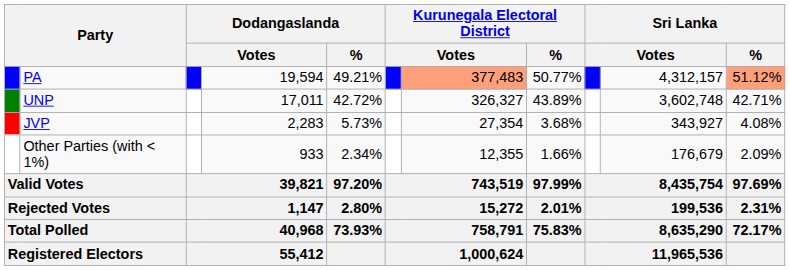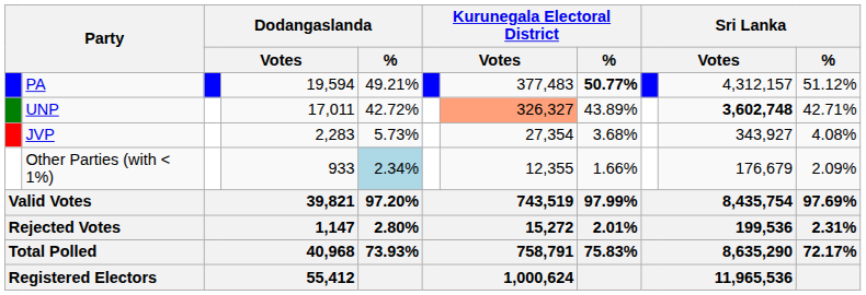 <table class="wikitable">
 <tr>
 <th colspan="2" width="144px"rowspan="2">Party</th>
 <th colspan="3" width="216px">Dodangaslanda</th>
 <th colspan="3" width="216px"><a href='#'>Kurunegala Electoral District</a></th>
 <th colspan="3" width="216px">Sri Lanka</th>
 </tr>
 <tr>
 <th colspan="2" width="144px">Votes</th>
 <th>%</th>
 <th colspan="2" width="144px">Votes</th>
 <th>%</th>
 <th colspan="2" width="144px">Votes</th>
 <th>%</th>
 </tr>
 <tr>
 <td style="background-color:blue;" width="10px"></td>
 <td style="text-align:left;"><a href='#'>PA</a></td>
 <td style="background-color:blue;" width="10px"></td>
 <td style="text-align:right;">19,594</td>
 <td style="text-align:right;">49.21%</td>
 <td style="background-color:blue;" width="10px"></td>
-<td style="background: lightsalmon; text-align:right;">377,483</td>
-<td style="text-align:right;">50.77%</td>
+<td style="text-align:right;">377,483</td>
+<td style="text-align:right;"><strong>50.77%</strong></td>
 <td style="background-color:blue;" width="10px"></td>
 <td style="text-align:right;">4,312,157</td>
-<td style="background: lightsalmon; text-align:right;">51.12%</td>
+<td style="text-align:right;">51.12%</td>
 </tr>
 <tr>
 <td style="background-color:green;" width="10px"></td>
 <td style="text-align:left;"><a href='#'>UNP</a></td>
 <td style="background-color:white;" width="10px"></td>
 <td style="text-align:right;">17,011</td>
 <td style="text-align:right;">42.72%</td>
 <td style="background-color:white;" width="10px"></td>
-<td style="text-align:right;">326,327</td>
+<td style="background: lightsalmon; text-align:right;">326,327</td>
 <td style="text-align:right;">43.89%</td>
 <td style="background-color:white;" width="10px"></td>
-<td style="text-align:right;">3,602,748</td>
+<td style="text-align:right;"><strong>3,602,748</strong></td>
 <td style="text-align:right;">42.71%</td>
 </tr>
 <tr>
 <td style="background-color:red;" width="10px"></td>
 <td style="text-align:left;"><a href='#'>JVP</a></td>
 <td style="background-color:white;" width="10px"></td>
 <td style="text-align:right;">2,283</td>
 <td style="text-align:right;">5.73%</td>
 <td style="background-color:white;" width="10px"></td>
 <td style="text-align:right;">27,354</td>
 <td style="text-align:right;">3.68%</td>
 <td style="background-color:white;" width="10px"></td>
 <td style="text-align:right;">343,927</td>
 <td style="text-align:right;">4.08%</td>
 </tr>
 <tr>
 <td style="background-color:white;" width="10px"></td>
 <td style="text-align:left;">Other Parties (with < 1%)</td>
 <td style="background-color:white;" width="10px"></td>
 <td style="text-align:right;">933</td>
-<td style="text-align:right;">2.34%</td>
+<td style="background: lightblue; text-align:right;">2.34%</td>
 <td style="background-color:white;" width="10px"></td>
 <td style="text-align:right;">12,355</td>
 <td style="text-align:right;">1.66%</td>
 <td style="background-color:white;" width="10px"></td>
 <td style="text-align:right;">176,679</td>
 <td style="text-align:right;">2.09%</td>
 </tr>
 <tr>
 <th colspan="2" width="144px"style="text-align:left;">Valid Votes</th>
 <th style="text-align:right;"colspan="2" width="144px">39,821</th>
 <th style="text-align:right;">97.20%</th>
 <th style="text-align:right;"colspan="2" width="144px">743,519</th>
 <th style="text-align:right;">97.99%</th>
 <th style="text-align:right;"colspan="2" width="144px">8,435,754</th>
 <th style="text-align:right;">97.69%</th>
 </tr>
 <tr>
 <th colspan="2" width="144px"style="text-align:left;">Rejected Votes</th>
 <th style="text-align:right;"colspan="2" width="144px">1,147</th>
 <th style="text-align:right;">2.80%</th>
 <th style="text-align:right;"colspan="2" width="144px">15,272</th>
 <th style="text-align:right;">2.01%</th>
 <th style="text-align:right;"colspan="2" width="144px">199,536</th>
 <th style="text-align:right;">2.31%</th>
 </tr>
 <tr>
 <th colspan="2" width="144px"style="text-align:left;">Total Polled</th>
 <th style="text-align:right;"colspan="2" width="144px">40,968</th>
 <th style="text-align:right;">73.93%</th>
 <th style="text-align:right;"colspan="2" width="144px">758,791</th>
 <th style="text-align:right;">75.83%</th>
 <th style="text-align:right;"colspan="2" width="144px">8,635,290</th>
 <th style="text-align:right;">72.17%</th>
 </tr>
 <tr>
 <th colspan="2" width="144px"style="text-align:left;">Registered Electors</th>
 <th style="text-align:right;"colspan="2" width="144px">55,412</th>
 <th></th>
 <th style="text-align:right;"colspan="2" width="144px">1,000,624</th>
 <th></th>
 <th style="text-align:right;"colspan="2" width="144px">11,965,536</th>
 <th></th>
 </tr>
 </table>
